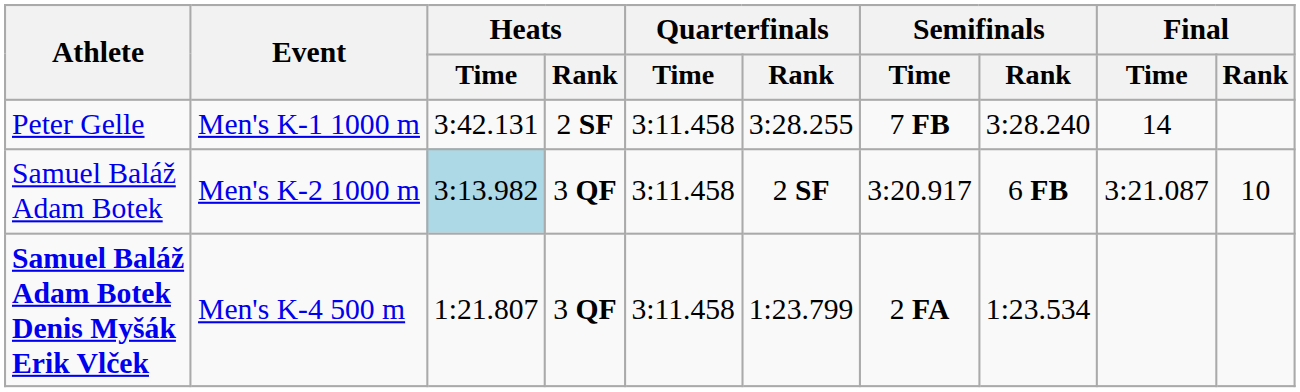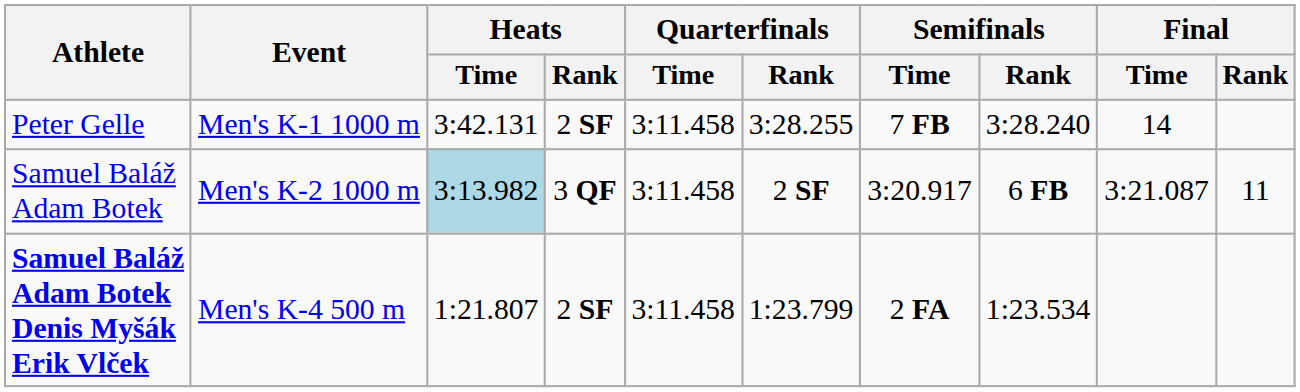 <table class=wikitable style="font-size:90%">
 <tr>
 <th rowspan="2">Athlete</th>
 <th rowspan="2">Event</th>
 <th colspan=2>Heats</th>
 <th colspan=2>Quarterfinals</th>
 <th colspan=2>Semifinals</th>
 <th colspan=2>Final</th>
 </tr>
 <tr style="font-size:95%">
 <th>Time</th>
 <th>Rank</th>
 <th>Time</th>
 <th>Rank</th>
 <th>Time</th>
 <th>Rank</th>
 <th>Time</th>
 <th>Rank</th>
 </tr>
 <tr align=center>
 <td align=left><a href='#'>Peter Gelle</a></td>
 <td align=left><a href='#'>Men's K-1 1000 m</a></td>
 <td>3:42.131</td>
 <td>2 <strong>SF</strong></td>
 <td>3:11.458</td>
 <td>3:28.255</td>
 <td>7 <strong>FB</strong></td>
 <td>3:28.240</td>
 <td>14</td>
 </tr>
 <tr align=center>
 <td align=left><a href='#'>Samuel Baláž</a><br><a href='#'>Adam Botek</a></td>
 <td align=left><a href='#'>Men's K-2 1000 m</a></td>
 <td style="background: lightblue;">3:13.982</td>
 <td>3 <strong>QF</strong></td>
 <td>3:11.458</td>
 <td>2 <strong>SF</strong></td>
 <td>3:20.917</td>
 <td>6 <strong>FB</strong></td>
 <td>3:21.087</td>
-<td>10</td>
+<td>11</td>
 </tr>
 <tr align=center>
 <td align=left><strong><a href='#'>Samuel Baláž</a><br><a href='#'>Adam Botek</a><br><a href='#'>Denis Myšák</a><br><a href='#'>Erik Vlček</a></strong></td>
 <td align=left><a href='#'>Men's K-4 500 m</a></td>
 <td>1:21.807</td>
-<td>3 <strong>QF</strong></td>
+<td>2 <strong>SF</strong></td>
 <td>3:11.458</td>
 <td>1:23.799</td>
 <td>2 <strong>FA</strong></td>
 <td>1:23.534</td>
 <td></td>
 </tr>
 </table>
